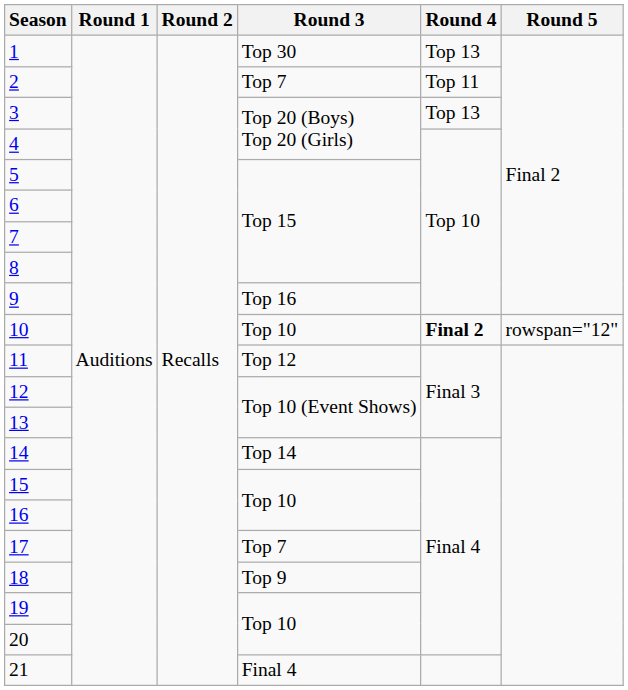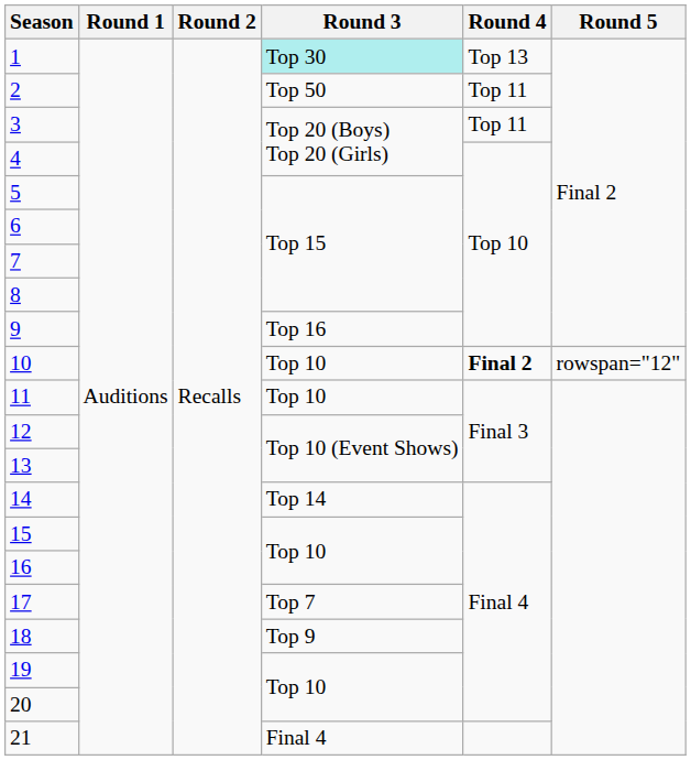 <table class="wikitable">
 <tr>
 <th>Season</th>
 <th>Round 1</th>
 <th>Round 2</th>
 <th>Round 3</th>
 <th>Round 4</th>
 <th>Round 5</th>
 </tr>
 <tr>
 <td><a href='#'>1</a></td>
 <td rowspan="21">Auditions</td>
 <td rowspan="21">Recalls</td>
-<td>Top 30</td>
+<td style="background: paleturquoise;">Top 30</td>
 <td>Top 13</td>
 <td rowspan="9">Final 2</td>
 </tr>
 <tr>
 <td><a href='#'>2</a></td>
-<td>Top 7</td>
+<td>Top 50</td>
 <td>Top 11</td>
 </tr>
 <tr>
 <td><a href='#'>3</a></td>
 <td rowspan="2">Top 20 (Boys)<br>Top 20 (Girls)</td>
-<td>Top 13</td>
+<td>Top 11</td>
 </tr>
 <tr>
 <td><a href='#'>4</a></td>
 <td rowspan="6">Top 10</td>
 </tr>
 <tr>
 <td><a href='#'>5</a></td>
 <td rowspan="4">Top 15</td>
 </tr>
 <tr>
 <td><a href='#'>6</a></td>
 </tr>
 <tr>
 <td><a href='#'>7</a></td>
 </tr>
 <tr>
 <td><a href='#'>8</a></td>
 </tr>
 <tr>
 <td><a href='#'>9</a></td>
 <td rowspan="1">Top 16</td>
 </tr>
 <tr>
 <td><a href='#'>10</a></td>
 <td>Top 10</td>
 <td><strong>Final 2</strong></td>
 <td>rowspan="12"</td>
 </tr>
 <tr>
 <td><a href='#'>11</a></td>
-<td>Top 12</td>
+<td>Top 10</td>
 <td rowspan="3">Final 3</td>
 </tr>
 <tr>
 <td><a href='#'>12</a></td>
 <td rowspan=2>Top 10 (Event Shows)</td>
 </tr>
 <tr>
 <td><a href='#'>13</a></td>
 </tr>
 <tr>
 <td><a href='#'>14</a></td>
 <td>Top 14</td>
 <td rowspan="7">Final 4</td>
 </tr>
 <tr>
 <td><a href='#'>15</a></td>
 <td rowspan=2>Top 10</td>
 </tr>
 <tr>
 <td><a href='#'>16</a></td>
 </tr>
 <tr>
 <td><a href='#'>17</a></td>
 <td>Top 7</td>
 </tr>
 <tr>
 <td><a href='#'>18</a></td>
 <td>Top 9</td>
 </tr>
 <tr>
 <td><a href='#'>19</a></td>
 <td rowspan="2">Top 10</td>
 </tr>
 <tr>
 <td>20</td>
 </tr>
 <tr>
 <td>21</td>
 <td>Final 4</td>
 <td></td>
 </tr>
 </table>
